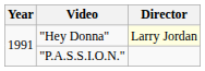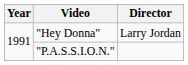 <table class="wikitable">
 <tr>
 <th>Year</th>
 <th>Video</th>
 <th>Director</th>
 </tr>
 <tr>
 <td rowspan="2">1991</td>
 <td>"Hey Donna"</td>
-<td style="background: lightyellow;">Larry Jordan</td>
+<td>Larry Jordan</td>
 </tr>
 <tr>
 <td>"P.A.S.S.I.O.N."</td>
 <td></td>
 </tr>
 </table>
